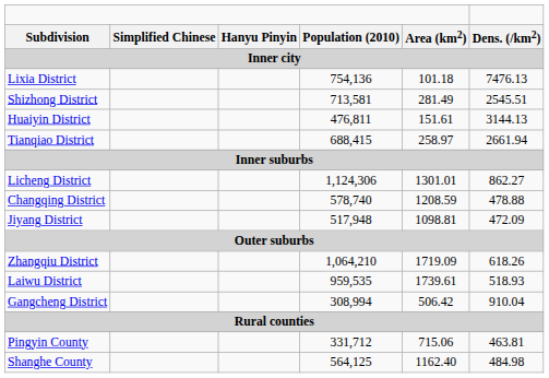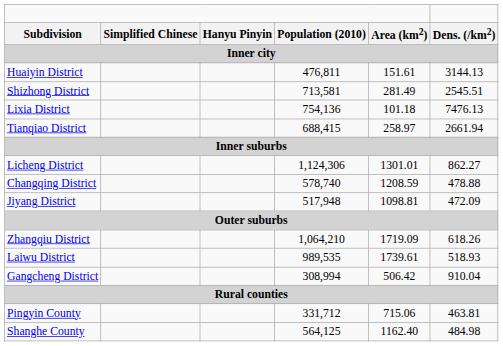 <table class="wikitable">
 <tr>
 <td colspan="5"><div><br>             </div></td>
 </tr>
 <tr>
 <th>Subdivision</th>
 <th>Simplified Chinese</th>
 <th>Hanyu Pinyin</th>
 <th>Population (2010)</th>
 <th>Area (km<sup>2</sup>)</th>
 <th>Dens. (/km<sup>2</sup>)</th>
 </tr>
 <tr>
 <td colspan="6" style="text-align:center; background:#d3d3d3;"><strong>Inner city</strong></td>
 </tr>
 <tr>
-<td align="left"><a href='#'>Lixia District</a></td>
+<td align="left"><a href='#'>Huaiyin District</a></td>
 <td align="center"></td>
 <td align="left"></td>
-<td align="center">754,136</td>
-<td align="center">101.18</td>
-<td align="center">7476.13</td>
+<td align="center">476,811</td>
+<td align="center">151.61</td>
+<td align="center">3144.13</td>
 </tr>
 <tr>
 <td align="left"><a href='#'>Shizhong District</a></td>
 <td align="center"></td>
 <td align="left"></td>
 <td align="center">713,581</td>
 <td align="center">281.49</td>
 <td align="center">2545.51</td>
 </tr>
 <tr>
-<td align="left"><a href='#'>Huaiyin District</a></td>
+<td align="left"><a href='#'>Lixia District</a></td>
 <td align="center"></td>
 <td align="left"></td>
-<td align="center">476,811</td>
-<td align="center">151.61</td>
-<td align="center">3144.13</td>
+<td align="center">754,136</td>
+<td align="center">101.18</td>
+<td align="center">7476.13</td>
 </tr>
 <tr>
 <td align="left"><a href='#'>Tianqiao District</a></td>
 <td align="center"></td>
 <td align="left"></td>
 <td align="center">688,415</td>
 <td align="center">258.97</td>
 <td align="center">2661.94</td>
 </tr>
 <tr>
 <td colspan="6" style="text-align:center; background:#d3d3d3;"><strong>Inner suburbs</strong></td>
 </tr>
 <tr>
 <td align="left"><a href='#'>Licheng District</a></td>
 <td align="center"></td>
 <td align="left"></td>
 <td align="center">1,124,306</td>
 <td align="center">1301.01</td>
 <td align="center">862.27</td>
 </tr>
 <tr>
 <td align="left"><a href='#'>Changqing District</a></td>
 <td align="center"></td>
 <td align="left"></td>
 <td align="center">578,740</td>
 <td align="center">1208.59</td>
 <td align="center">478.88</td>
 </tr>
 <tr>
 <td align="left"><a href='#'>Jiyang District</a></td>
 <td align="center"></td>
 <td align="left"></td>
 <td align="center">517,948</td>
 <td align="center">1098.81</td>
 <td align="center">472.09</td>
 </tr>
 <tr>
 <td colspan="6" style="text-align:center; background:#d3d3d3;"><strong>Outer suburbs</strong></td>
 </tr>
 <tr>
 <td align="left"><a href='#'>Zhangqiu District</a></td>
 <td align="center"></td>
 <td align="left"></td>
 <td align="center">1,064,210</td>
 <td align="center">1719.09</td>
 <td align="center">618.26</td>
 </tr>
 <tr>
 <td align="left"><a href='#'>Laiwu District</a></td>
 <td align="center"></td>
 <td align="left"></td>
-<td align="center">959,535</td>
+<td align="center">989,535</td>
 <td align="center">1739.61</td>
 <td align="center">518.93</td>
 </tr>
 <tr>
 <td align="left"><a href='#'>Gangcheng District</a></td>
 <td align="center"></td>
 <td align="left"></td>
 <td align="center">308,994</td>
 <td align="center">506.42</td>
 <td align="center">910.04</td>
 </tr>
 <tr>
 <td colspan="6" style="text-align:center; background:#d3d3d3;"><strong>Rural counties</strong></td>
 </tr>
 <tr>
 <td align="left"><a href='#'>Pingyin County</a></td>
 <td align="center"></td>
 <td align="left"></td>
 <td align="center">331,712</td>
 <td align="center">715.06</td>
 <td align="center">463.81</td>
 </tr>
 <tr>
 <td align="left"><a href='#'>Shanghe County</a></td>
 <td align="center"></td>
 <td align="left"></td>
 <td align="center">564,125</td>
 <td align="center">1162.40</td>
 <td align="center">484.98</td>
 </tr>
 </table>
